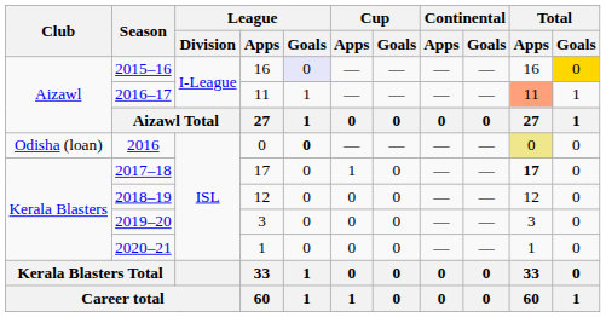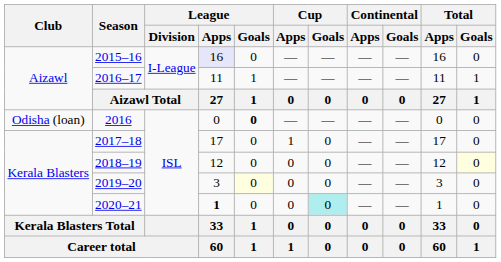 <table class="wikitable" style="text-align: center;">
 <tr>
 <th rowspan="2">Club</th>
 <th rowspan="2">Season</th>
 <th colspan="3">League</th>
 <th colspan="2">Cup</th>
 <th colspan="2">Continental</th>
 <th colspan="2">Total</th>
 </tr>
 <tr>
 <th>Division</th>
 <th>Apps</th>
 <th>Goals</th>
 <th>Apps</th>
 <th>Goals</th>
 <th>Apps</th>
 <th>Goals</th>
 <th>Apps</th>
 <th>Goals</th>
 </tr>
 <tr>
 <td rowspan="3"><a href='#'>Aizawl</a></td>
 <td><a href='#'>2015–16</a></td>
 <td rowspan="2"><a href='#'>I-League</a></td>
-<td>16</td>
-<td style="background: lavender;">0</td>
+<td style="background: lavender;">16</td>
+<td>0</td>
 <td>—</td>
 <td>—</td>
 <td>—</td>
 <td>—</td>
 <td>16</td>
-<td style="background: gold;">0</td>
+<td>0</td>
 </tr>
 <tr>
 <td><a href='#'>2016–17</a></td>
 <td>11</td>
 <td>1</td>
 <td>—</td>
 <td>—</td>
 <td>—</td>
 <td>—</td>
-<td style="background: lightsalmon;">11</td>
+<td>11</td>
 <td>1</td>
 </tr>
 <tr>
 <th colspan="2">Aizawl Total</th>
 <th>27</th>
 <th>1</th>
 <th>0</th>
 <th>0</th>
 <th>0</th>
 <th>0</th>
 <th>27</th>
 <th>1</th>
 </tr>
 <tr>
 <td rowspan="1"><a href='#'>Odisha</a> (loan)</td>
 <td><a href='#'>2016</a></td>
 <td rowspan="5"><a href='#'>ISL</a></td>
 <td>0</td>
 <td><strong>0</strong></td>
 <td>—</td>
 <td>—</td>
 <td>—</td>
 <td>—</td>
-<td style="background: khaki;">0</td>
+<td>0</td>
 <td>0</td>
 </tr>
 <tr>
 <td rowspan="4"><a href='#'>Kerala Blasters</a></td>
 <td><a href='#'>2017–18</a></td>
 <td>17</td>
 <td>0</td>
 <td>1</td>
 <td>0</td>
 <td>—</td>
 <td>—</td>
-<td><strong>17</strong></td>
+<td>17</td>
 <td>0</td>
 </tr>
 <tr>
 <td><a href='#'>2018–19</a></td>
 <td>12</td>
 <td>0</td>
 <td>0</td>
 <td>0</td>
 <td>—</td>
 <td>—</td>
 <td>12</td>
-<td>0</td>
+<td style="background: lightyellow;">0</td>
 </tr>
 <tr>
 <td><a href='#'>2019–20</a></td>
 <td>3</td>
-<td>0</td>
+<td style="background: lightyellow;">0</td>
 <td>0</td>
 <td>0</td>
 <td>—</td>
 <td>—</td>
 <td>3</td>
 <td>0</td>
 </tr>
 <tr>
 <td><a href='#'>2020–21</a></td>
-<td>1</td>
+<td><strong>1</strong></td>
 <td>0</td>
 <td>0</td>
-<td>0</td>
+<td style="background: paleturquoise;">0</td>
 <td>—</td>
 <td>—</td>
 <td>1</td>
 <td>0</td>
 </tr>
 <tr>
 <th colspan="2">Kerala Blasters Total</th>
 <th></th>
 <th>33</th>
 <th>1</th>
 <th>0</th>
 <th>0</th>
 <th>0</th>
 <th>0</th>
 <th>33</th>
 <th>0</th>
 </tr>
 <tr>
 <th colspan="3">Career total</th>
 <th>60</th>
 <th>1</th>
 <th>1</th>
 <th>0</th>
 <th>0</th>
 <th>0</th>
 <th>60</th>
 <th>1</th>
 </tr>
 </table>
